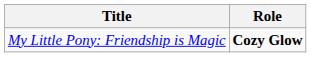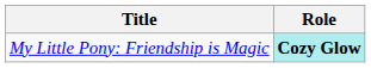 <table class="wikitable">
 <tr>
 <th>Title</th>
 <th>Role</th>
 </tr>
 <tr>
 <td><em><a href='#'>My Little Pony: Friendship is Magic</a></em></td>
-<td><strong>Cozy Glow</strong></td>
+<td style="background: paleturquoise;"><strong>Cozy Glow</strong></td>
 </tr>
 </table>
